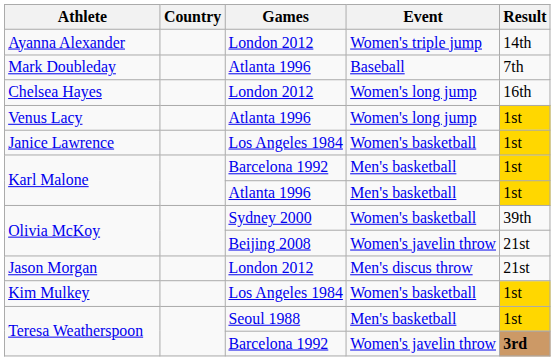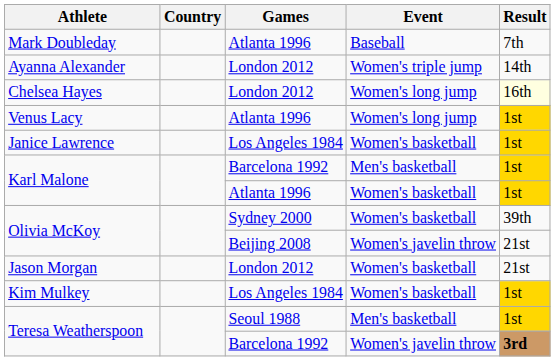 <table class="wikitable sortable">
 <tr>
 <th width=150px>Athlete</th>
 <th width=px>Country</th>
 <th width=px>Games</th>
 <th width=px>Event</th>
 <th width=px>Result</th>
 </tr>
 <tr>
+<td><a href='#'>Mark Doubleday</a></td>
+<td></td>
+<td><a href='#'>Atlanta 1996</a></td>
+<td><a href='#'>Baseball</a></td>
+<td>7th</td>
+</tr>
+<tr>
 <td><a href='#'>Ayanna Alexander</a></td>
 <td></td>
 <td><a href='#'>London 2012</a></td>
 <td><a href='#'>Women's triple jump</a></td>
 <td>14th</td>
 </tr>
 <tr>
-<td><a href='#'>Mark Doubleday</a></td>
-<td></td>
-<td><a href='#'>Atlanta 1996</a></td>
-<td><a href='#'>Baseball</a></td>
-<td>7th</td>
-</tr>
-<tr>
 <td><a href='#'>Chelsea Hayes</a></td>
 <td></td>
 <td><a href='#'>London 2012</a></td>
 <td><a href='#'>Women's long jump</a></td>
-<td>16th</td>
+<td style="background: lightyellow;">16th</td>
 </tr>
 <tr>
 <td><a href='#'>Venus Lacy</a></td>
 <td></td>
 <td><a href='#'>Atlanta 1996</a></td>
 <td><a href='#'>Women's long jump</a></td>
 <td style="background: gold;">1st</td>
 </tr>
 <tr>
 <td><a href='#'>Janice Lawrence</a></td>
 <td></td>
 <td><a href='#'>Los Angeles 1984</a></td>
 <td><a href='#'>Women's basketball</a></td>
 <td style="background: gold;">1st</td>
 </tr>
 <tr>
 <td rowspan="2"><a href='#'>Karl Malone</a></td>
 <td rowspan="2"></td>
 <td><a href='#'>Barcelona 1992</a></td>
 <td><a href='#'>Men's basketball</a></td>
 <td style="background: gold;">1st</td>
 </tr>
 <tr>
 <td><a href='#'>Atlanta 1996</a></td>
-<td><a href='#'>Men's basketball</a></td>
+<td><a href='#'>Women's basketball</a></td>
 <td style="background: gold;">1st</td>
 </tr>
 <tr>
 <td rowspan="2"><a href='#'>Olivia McKoy</a></td>
 <td rowspan="2"></td>
 <td><a href='#'>Sydney 2000</a></td>
 <td><a href='#'>Women's basketball</a></td>
 <td>39th</td>
 </tr>
 <tr>
 <td><a href='#'>Beijing 2008</a></td>
 <td><a href='#'>Women's javelin throw</a></td>
 <td>21st</td>
 </tr>
 <tr>
 <td><a href='#'>Jason Morgan</a></td>
 <td></td>
 <td><a href='#'>London 2012</a></td>
-<td><a href='#'>Men's discus throw</a></td>
+<td><a href='#'>Women's basketball</a></td>
 <td>21st</td>
 </tr>
 <tr>
 <td><a href='#'>Kim Mulkey</a></td>
 <td></td>
 <td><a href='#'>Los Angeles 1984</a></td>
 <td><a href='#'>Women's basketball</a></td>
 <td style="background: gold;">1st</td>
 </tr>
 <tr>
 <td rowspan="2"><a href='#'>Teresa Weatherspoon</a></td>
 <td rowspan="2"></td>
 <td><a href='#'>Seoul 1988</a></td>
 <td><a href='#'>Men's basketball</a></td>
 <td style="background: gold;">1st</td>
 </tr>
 <tr>
 <td><a href='#'>Barcelona 1992</a></td>
 <td><a href='#'>Women's javelin throw</a></td>
 <td style="background: #cc9966;"><strong>3rd</strong></td>
 </tr>
 </table>
